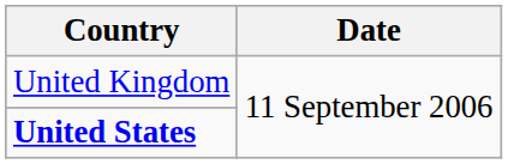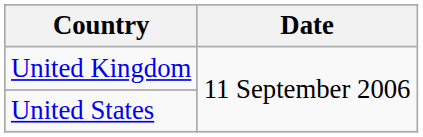 <table class="wikitable">
 <tr>
 <th>Country</th>
 <th>Date</th>
 </tr>
 <tr>
 <td><a href='#'>United Kingdom</a></td>
 <td rowspan="2">11 September 2006</td>
 </tr>
 <tr>
-<td><strong><a href='#'>United States</a></strong></td>
+<td><a href='#'>United States</a></td>
 </tr>
 </table>
